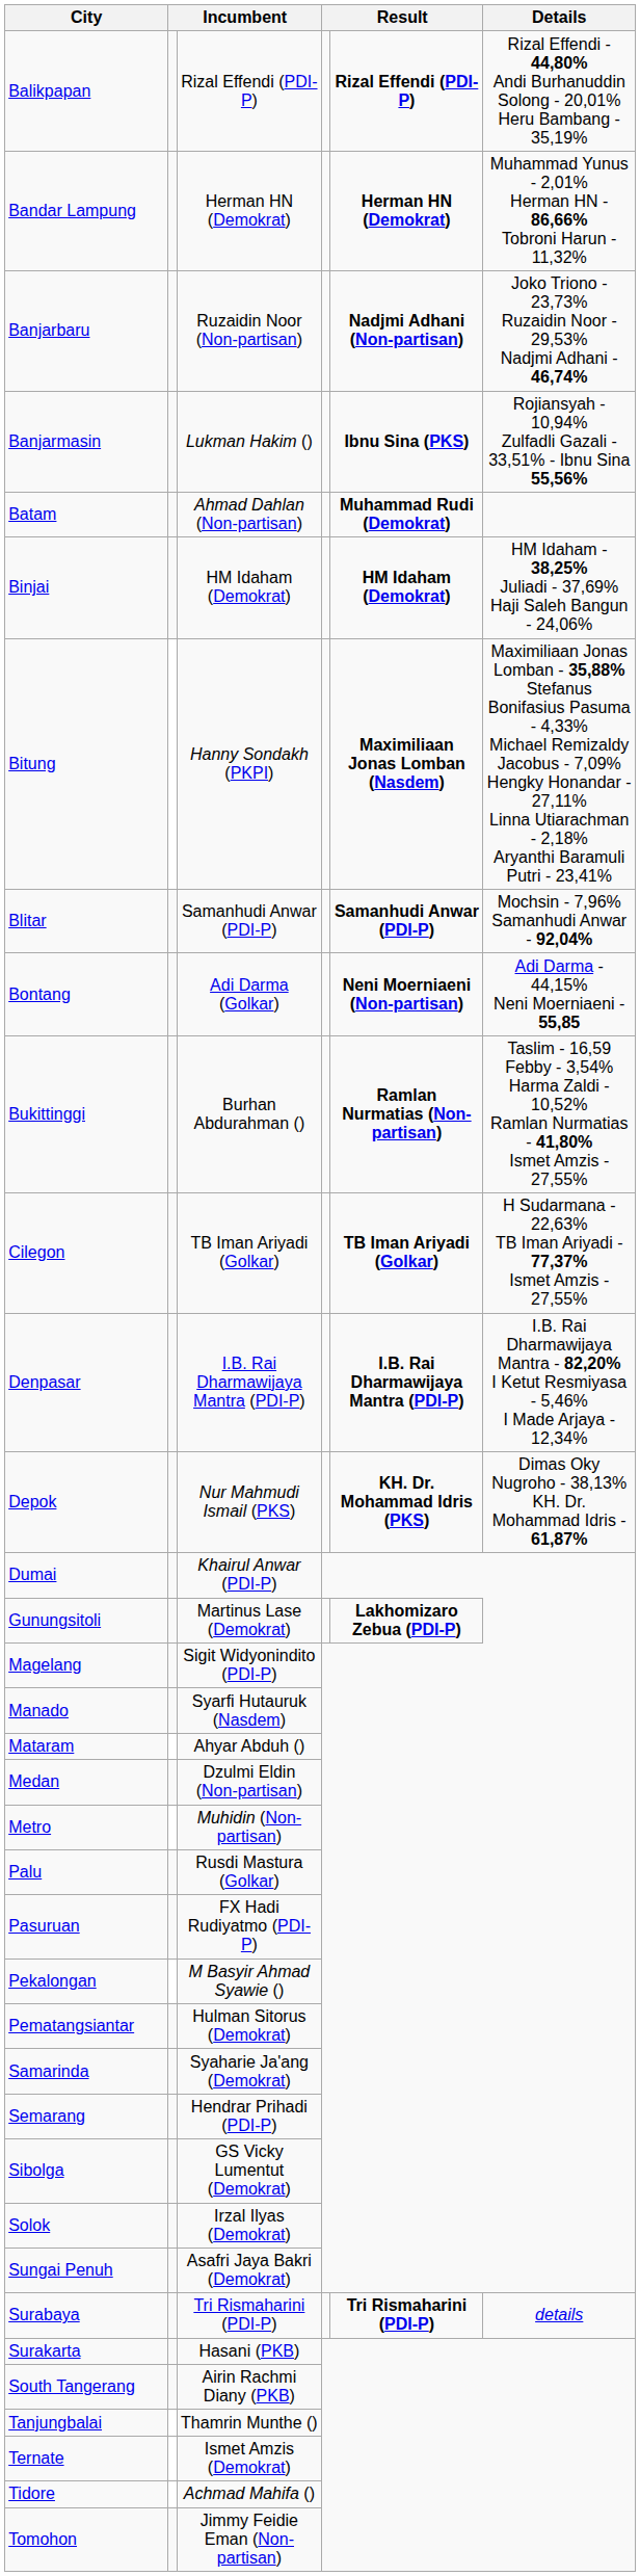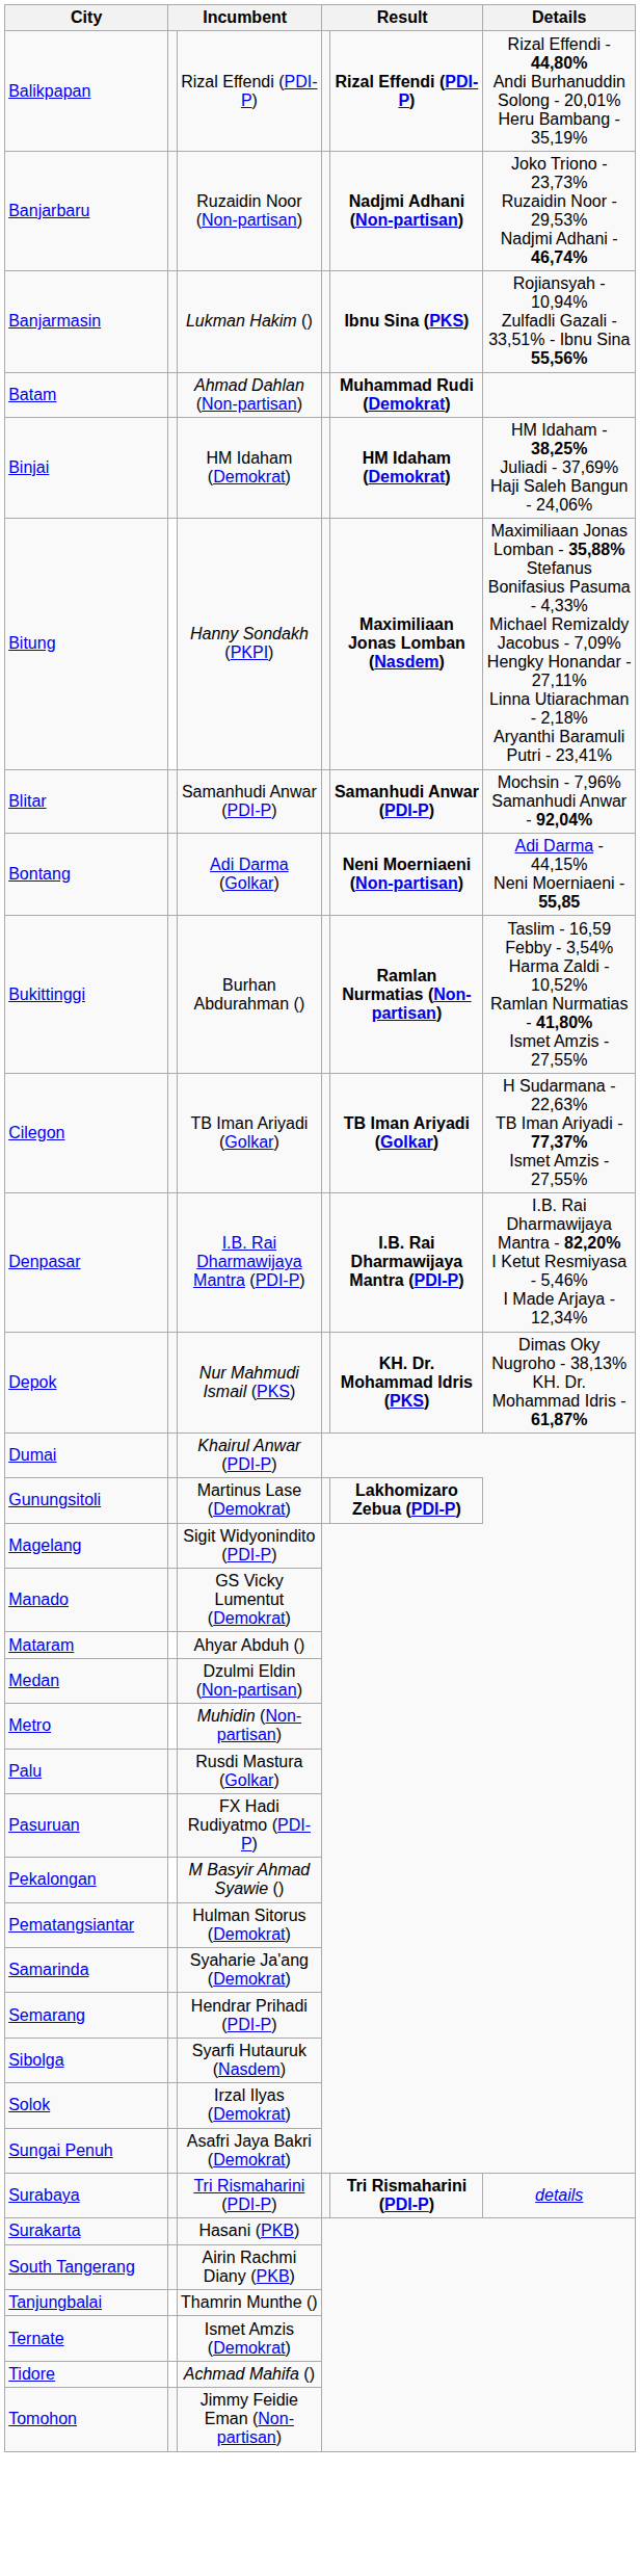 <table class="wikitable sortable" style="text-align:center">
 <tr style="text-align:center">
 <th style="width:150px;">City</th>
 <th style="width:200px;" colspan="2">Incumbent</th>
 <th style="width:200px;" colspan="2">Result</th>
 <th>Details</th>
 </tr>
 <tr>
 <td style="text-align:left"><a href='#'>Balikpapan</a></td>
 <td width="1"></td>
 <td>Rizal Effendi (<a href='#'>PDI-P</a>)</td>
 <td width="1"></td>
 <td><strong>Rizal Effendi (<a href='#'>PDI-P</a>)</strong></td>
 <td>Rizal Effendi - <strong>44,80%</strong> <br> Andi Burhanuddin Solong - 20,01% <br> Heru Bambang - 35,19%</td>
-</tr>
-<tr>
-<td style="text-align:left"><a href='#'>Bandar Lampung</a></td>
-<td width="1"></td>
-<td>Herman HN (<a href='#'>Demokrat</a>)</td>
-<td width="1"></td>
-<td><strong>Herman HN (<a href='#'>Demokrat</a>)</strong></td>
-<td>Muhammad Yunus - 2,01% <br> Herman HN - <strong>86,66%</strong> <br> Tobroni Harun - 11,32%</td>
 </tr>
 <tr>
 <td style="text-align:left"><a href='#'>Banjarbaru</a></td>
 <td width="1"></td>
 <td>Ruzaidin Noor (<a href='#'>Non-partisan</a>)</td>
 <td width="1"></td>
 <td><strong>Nadjmi Adhani (<a href='#'>Non-partisan</a>)</strong></td>
 <td>Joko Triono - 23,73% <br> Ruzaidin Noor - 29,53% <br> Nadjmi Adhani - <strong>46,74%</strong></td>
 </tr>
 <tr>
 <td style="text-align:left"><a href='#'>Banjarmasin</a></td>
 <td width="1"></td>
 <td><em>Lukman Hakim</em> ()</td>
 <td width="1"></td>
 <td><strong>Ibnu Sina (<a href='#'>PKS</a>)</strong></td>
 <td>Rojiansyah - 10,94% <br> Zulfadli Gazali - 33,51% - Ibnu Sina <strong>55,56%</strong></td>
 </tr>
 <tr>
 <td style="text-align:left"><a href='#'>Batam</a></td>
 <td width="1"></td>
 <td><em>Ahmad Dahlan</em> (<a href='#'>Non-partisan</a>)</td>
 <td width="1"></td>
 <td><strong>Muhammad Rudi (<a href='#'>Demokrat</a>)</strong></td>
 </tr>
 <tr>
 <td style="text-align:left"><a href='#'>Binjai</a></td>
 <td width="1"></td>
 <td>HM Idaham (<a href='#'>Demokrat</a>)</td>
 <td width="1"></td>
 <td><strong>HM Idaham (<a href='#'>Demokrat</a>)</strong></td>
 <td>HM Idaham - <strong>38,25%</strong> <br> Juliadi - 37,69% <br> Haji Saleh Bangun - 24,06%</td>
 </tr>
 <tr>
 <td style="text-align:left"><a href='#'>Bitung</a></td>
 <td width="1" bgcolor="white"></td>
 <td><em>Hanny Sondakh</em> (<a href='#'>PKPI</a>)</td>
 <td width="1"></td>
 <td><strong>Maximiliaan Jonas Lomban (<a href='#'>Nasdem</a>)</strong></td>
 <td>Maximiliaan Jonas Lomban - <strong>35,88%</strong> <br> Stefanus Bonifasius Pasuma - 4,33% <br> Michael Remizaldy Jacobus - 7,09% <br> Hengky Honandar - 27,11% <br> Linna Utiarachman - 2,18% <br> Aryanthi Baramuli Putri - 23,41%</td>
 </tr>
 <tr>
 <td style="text-align:left"><a href='#'>Blitar</a></td>
 <td width="1"></td>
 <td>Samanhudi Anwar (<a href='#'>PDI-P</a>)</td>
 <td width="1"></td>
 <td><strong>Samanhudi Anwar (<a href='#'>PDI-P</a>)</strong></td>
 <td>Mochsin - 7,96% <br> Samanhudi Anwar - <strong>92,04%</strong></td>
 </tr>
 <tr>
 <td style="text-align:left"><a href='#'>Bontang</a></td>
 <td width="1"></td>
 <td><a href='#'>Adi Darma</a> (<a href='#'>Golkar</a>)</td>
 <td width="1"></td>
 <td><strong>Neni Moerniaeni (<a href='#'>Non-partisan</a>)</strong></td>
 <td><a href='#'>Adi Darma</a> - 44,15% <br> Neni Moerniaeni - <strong>55,85</strong></td>
 </tr>
 <tr>
 <td style="text-align:left"><a href='#'>Bukittinggi</a></td>
 <td width="1"></td>
 <td>Burhan Abdurahman ()</td>
 <td width="1"></td>
 <td><strong>Ramlan Nurmatias (<a href='#'>Non-partisan</a>)</strong></td>
 <td>Taslim - 16,59 <br> Febby - 3,54% <br> Harma Zaldi - 10,52% <br> Ramlan Nurmatias - <strong>41,80%</strong><br> Ismet Amzis - 27,55%</td>
 </tr>
 <tr>
 <td style="text-align:left"><a href='#'>Cilegon</a></td>
 <td width="1"></td>
 <td>TB Iman Ariyadi (<a href='#'>Golkar</a>)</td>
 <td width="1"></td>
 <td><strong>TB Iman Ariyadi (<a href='#'>Golkar</a>)</strong></td>
 <td>H Sudarmana - 22,63% <br> TB Iman Ariyadi - <strong>77,37%</strong><br> Ismet Amzis - 27,55%</td>
 </tr>
 <tr>
 <td style="text-align:left"><a href='#'>Denpasar</a></td>
 <td width="1"></td>
 <td><a href='#'>I.B. Rai Dharmawijaya Mantra</a> (<a href='#'>PDI-P</a>)</td>
 <td width="1"></td>
 <td><strong>I.B. Rai Dharmawijaya Mantra (<a href='#'>PDI-P</a>)</strong></td>
 <td>I.B. Rai Dharmawijaya Mantra - <strong>82,20%</strong> <br> I Ketut Resmiyasa - 5,46% <br> I Made Arjaya - 12,34%</td>
 </tr>
 <tr>
 <td style="text-align:left"><a href='#'>Depok</a></td>
 <td width="1"></td>
 <td><em>Nur Mahmudi Ismail</em> (<a href='#'>PKS</a>)</td>
 <td width="1"></td>
 <td><strong>KH. Dr. Mohammad Idris (<a href='#'>PKS</a>)</strong></td>
 <td>Dimas Oky Nugroho - 38,13% <br> KH. Dr. Mohammad Idris - <strong>61,87%</strong></td>
 </tr>
 <tr>
 <td style="text-align:left"><a href='#'>Dumai</a></td>
 <td width="1"></td>
 <td><em>Khairul Anwar</em> (<a href='#'>PDI-P</a>)</td>
 </tr>
 <tr>
 <td style="text-align:left"><a href='#'>Gunungsitoli</a></td>
 <td width="1"></td>
 <td>Martinus Lase (<a href='#'>Demokrat</a>)</td>
 <td width="1"></td>
 <td><strong>Lakhomizaro Zebua (<a href='#'>PDI-P</a>)</strong></td>
 </tr>
 <tr>
 <td style="text-align:left"><a href='#'>Magelang</a></td>
 <td width="1"></td>
 <td>Sigit Widyonindito (<a href='#'>PDI-P</a>)</td>
 </tr>
 <tr>
 <td style="text-align:left"><a href='#'>Manado</a></td>
 <td width="1"></td>
-<td>Syarfi Hutauruk (<a href='#'>Nasdem</a>)</td>
+<td>GS Vicky Lumentut (<a href='#'>Demokrat</a>)</td>
 </tr>
 <tr>
 <td style="text-align:left"><a href='#'>Mataram</a></td>
 <td width="1" bgcolor="white"></td>
 <td>Ahyar Abduh ()</td>
 </tr>
 <tr>
 <td style="text-align:left"><a href='#'>Medan</a></td>
 <td width="1"></td>
 <td>Dzulmi Eldin (<a href='#'>Non-partisan</a>)</td>
 </tr>
 <tr>
 <td style="text-align:left"><a href='#'>Metro</a></td>
 <td width="1" bgcolor="white"></td>
 <td><em>Muhidin</em> (<a href='#'>Non-partisan</a>)</td>
 </tr>
 <tr>
 <td style="text-align:left"><a href='#'>Palu</a></td>
 <td width="1"></td>
 <td>Rusdi Mastura (<a href='#'>Golkar</a>)</td>
 </tr>
 <tr>
 <td style="text-align:left"><a href='#'>Pasuruan</a></td>
 <td width="1"></td>
 <td>FX Hadi Rudiyatmo (<a href='#'>PDI-P</a>)</td>
 </tr>
 <tr>
 <td style="text-align:left"><a href='#'>Pekalongan</a></td>
 <td width="1" bgcolor="white"></td>
 <td><em>M Basyir Ahmad Syawie</em> ()</td>
 </tr>
 <tr>
 <td style="text-align:left"><a href='#'>Pematangsiantar</a></td>
 <td width="1"></td>
 <td>Hulman Sitorus (<a href='#'>Demokrat</a>)</td>
 </tr>
 <tr>
 <td style="text-align:left"><a href='#'>Samarinda</a></td>
 <td width="1"></td>
 <td>Syaharie Ja'ang (<a href='#'>Demokrat</a>)</td>
 </tr>
 <tr>
 <td style="text-align:left"><a href='#'>Semarang</a></td>
 <td width="1"></td>
 <td>Hendrar Prihadi (<a href='#'>PDI-P</a>)</td>
 </tr>
 <tr>
 <td style="text-align:left"><a href='#'>Sibolga</a></td>
 <td width="1"></td>
-<td>GS Vicky Lumentut (<a href='#'>Demokrat</a>)</td>
+<td>Syarfi Hutauruk (<a href='#'>Nasdem</a>)</td>
 </tr>
 <tr>
 <td style="text-align:left"><a href='#'>Solok</a></td>
 <td width="1"></td>
 <td>Irzal Ilyas (<a href='#'>Demokrat</a>)</td>
 </tr>
 <tr>
 <td style="text-align:left"><a href='#'>Sungai Penuh</a></td>
 <td width="1"></td>
 <td>Asafri Jaya Bakri (<a href='#'>Demokrat</a>)</td>
 </tr>
 <tr>
 <td style="text-align:left"><a href='#'>Surabaya</a></td>
 <td width="1"></td>
 <td><a href='#'>Tri Rismaharini</a> (<a href='#'>PDI-P</a>)</td>
 <td width="1"></td>
 <td><strong>Tri Rismaharini (<a href='#'>PDI-P</a>)</strong></td>
 <td><a href='#'><em>details</em></a></td>
 </tr>
 <tr>
 <td style="text-align:left"><a href='#'>Surakarta</a></td>
 <td width="1"></td>
 <td>Hasani (<a href='#'>PKB</a>)</td>
 </tr>
 <tr>
 <td style="text-align:left"><a href='#'>South Tangerang</a></td>
 <td width="1"></td>
 <td>Airin Rachmi Diany (<a href='#'>PKB</a>)</td>
 </tr>
 <tr>
 <td style="text-align:left"><a href='#'>Tanjungbalai</a></td>
 <td width="1" bgcolor="white"></td>
 <td>Thamrin Munthe ()</td>
 </tr>
 <tr>
 <td style="text-align:left"><a href='#'>Ternate</a></td>
 <td width="1" bgcolor="white"></td>
 <td>Ismet Amzis (<a href='#'>Demokrat</a>)</td>
 </tr>
 <tr>
 <td style="text-align:left"><a href='#'>Tidore</a></td>
 <td width="1" bgcolor="white"></td>
 <td><em>Achmad Mahifa</em> ()</td>
 </tr>
 <tr>
 <td style="text-align:left"><a href='#'>Tomohon</a></td>
 <td width="1"></td>
 <td>Jimmy Feidie Eman (<a href='#'>Non-partisan</a>)</td>
 </tr>
 </table>
